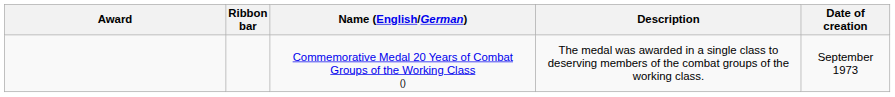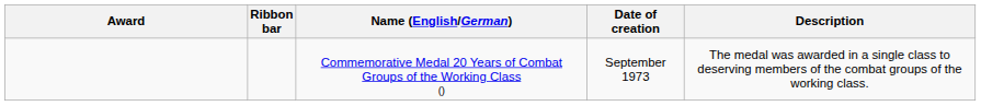 <table class="wikitable sortable" style="text-align:center">
 <tr>
 <th style="width:25%">Award</th>
 <th style="width:5%">Ribbon<br>bar</th>
 <th style="width:30%">Name (<a href='#'>English</a>/<em><a href='#'>German</a></em>)</th>
+<th style="width:10%">Date of<br>creation</th>
 <th style="width:30%">Description</th>
-<th style="width:10%">Date of<br>creation</th>
 </tr>
 <tr>
 <td></td>
 <td><br></td>
 <td><br><a href='#'>Commemorative Medal 20 Years of Combat Groups of the Working Class</a><br><small>()</small></td>
+<td>September 1973</td>
 <td>The medal was awarded in a single class to deserving members of the combat groups of the working class.</td>
-<td>September 1973</td>
 </tr>
 </table>
